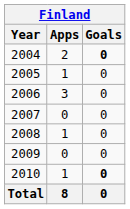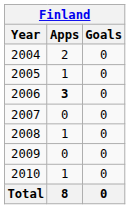 <table class=wikitable style=text-align:center>
 <tr>
 <th colspan=47><a href='#'>Finland</a></th>
 </tr>
 <tr>
 <th>Year</th>
 <th>Apps</th>
 <th>Goals</th>
 </tr>
 <tr>
 <td>2004</td>
 <td>2</td>
-<td><strong>0</strong></td>
+<td>0</td>
 </tr>
 <tr>
 <td>2005</td>
 <td>1</td>
 <td>0</td>
 </tr>
 <tr>
 <td>2006</td>
-<td>3</td>
+<td><strong>3</strong></td>
 <td>0</td>
 </tr>
 <tr>
 <td>2007</td>
 <td>0</td>
 <td>0</td>
 </tr>
 <tr>
 <td>2008</td>
 <td>1</td>
 <td>0</td>
 </tr>
 <tr>
 <td>2009</td>
 <td>0</td>
 <td>0</td>
 </tr>
 <tr>
 <td>2010</td>
 <td>1</td>
-<td><strong>0</strong></td>
+<td>0</td>
 </tr>
 <tr>
 <th colspan=1>Total</th>
 <th>8</th>
 <th>0</th>
 </tr>
 </table>
